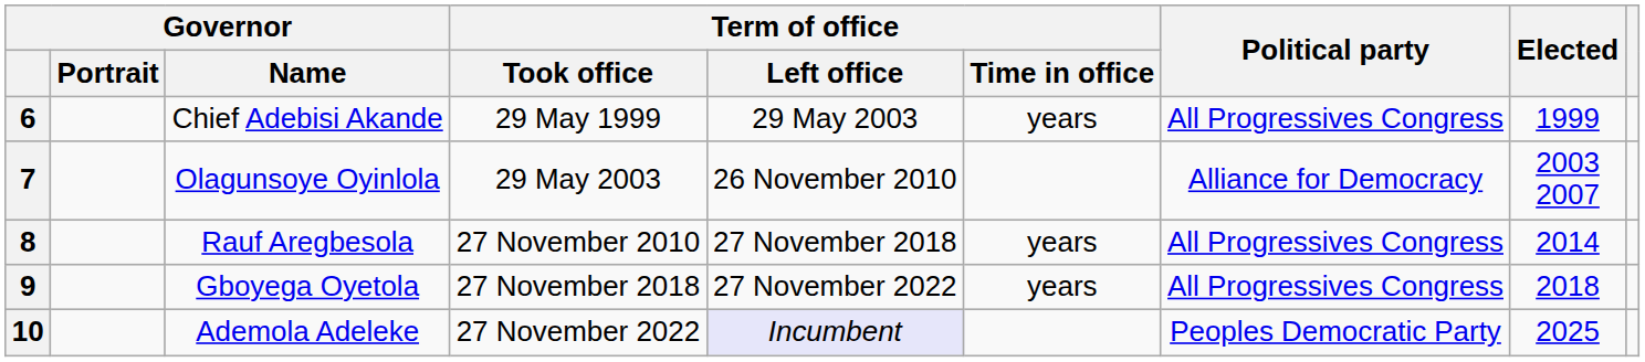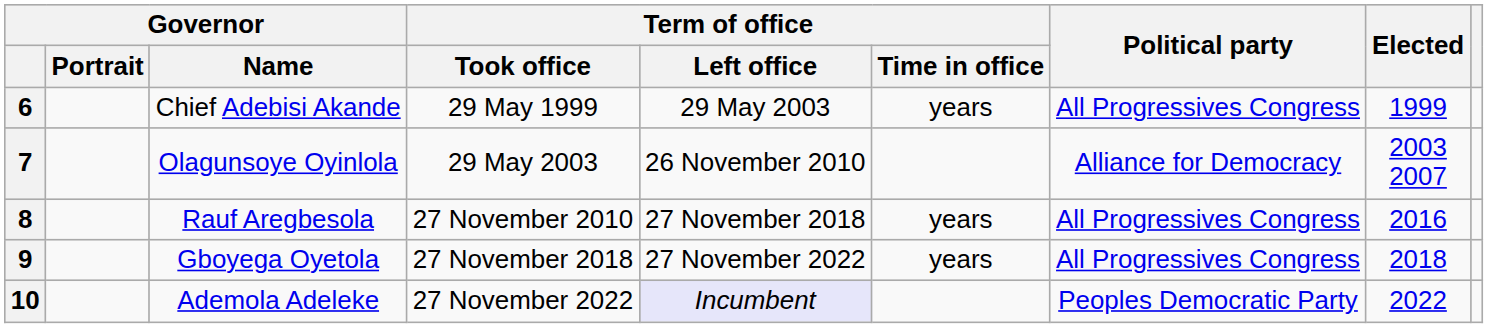 <table class="wikitable" style="text-align:center">
 <tr>
 <th colspan=3>Governor</th>
 <th colspan=3>Term of office</th>
 <th rowspan=2>Political party</th>
 <th rowspan=2>Elected</th>
 <th rowspan=2></th>
 </tr>
 <tr>
 <th></th>
 <th>Portrait</th>
 <th>Name<br></th>
 <th>Took office</th>
 <th>Left office</th>
 <th>Time in office</th>
 </tr>
 <tr>
 <th style="background:">6</th>
 <td></td>
 <td>Chief <a href='#'>Adebisi Akande</a><br></td>
 <td>29 May 1999</td>
 <td>29 May 2003</td>
 <td> years</td>
 <td><a href='#'>All Progressives Congress</a></td>
 <td><a href='#'>1999</a></td>
 <td></td>
 </tr>
 <tr>
 <th style="background:">7</th>
 <td></td>
 <td><a href='#'>Olagunsoye Oyinlola</a><br></td>
 <td>29 May 2003</td>
 <td>26 November 2010</td>
 <td></td>
 <td><a href='#'>Alliance for Democracy</a></td>
 <td><a href='#'>2003</a><br><a href='#'>2007</a></td>
 <td></td>
 </tr>
 <tr>
 <th style="background:">8</th>
 <td></td>
 <td><a href='#'>Rauf Aregbesola</a><br></td>
 <td>27 November 2010</td>
 <td>27 November 2018</td>
 <td> years</td>
 <td><a href='#'>All Progressives Congress</a></td>
-<td><a href='#'>2014</a></td>
+<td><a href='#'>2016</a></td>
 <td></td>
 </tr>
 <tr>
 <th style="background:">9</th>
 <td></td>
 <td><a href='#'>Gboyega Oyetola</a><br></td>
 <td>27 November 2018</td>
 <td>27 November 2022</td>
 <td> years</td>
 <td><a href='#'>All Progressives Congress</a></td>
 <td><a href='#'>2018</a></td>
 <td></td>
 </tr>
 <tr>
 <th style="background:">10</th>
 <td></td>
 <td><a href='#'>Ademola Adeleke</a><br></td>
 <td>27 November 2022</td>
 <td style="background: lavender;"><em>Incumbent</em></td>
 <td></td>
 <td><a href='#'>Peoples Democratic Party</a></td>
-<td><a href='#'>2025</a></td>
+<td><a href='#'>2022</a></td>
 <td></td>
 </tr>
 </table>
